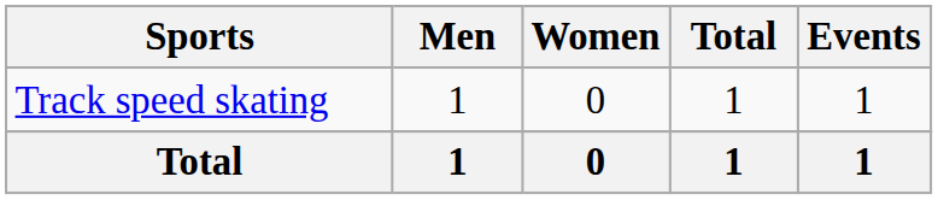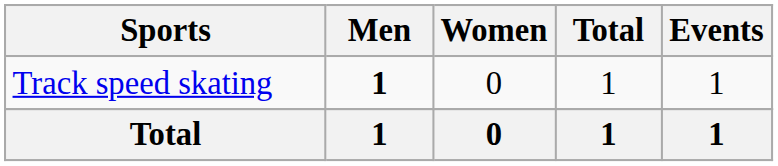 <table class="wikitable sortable" style="text-align:center;">
 <tr>
 <th width="150">Sports</th>
 <th width="45">Men</th>
 <th width="45">Women</th>
 <th width="45">Total</th>
 <th width="45">Events</th>
 </tr>
 <tr>
 <td align="left"><a href='#'>Track speed skating</a></td>
-<td>1</td>
+<td><strong>1</strong></td>
 <td>0</td>
 <td>1</td>
 <td>1</td>
 </tr>
 <tr>
 </tr>
 <tr class="sortbottom">
 <th>Total</th>
 <th>1</th>
 <th>0</th>
 <th>1</th>
 <th>1</th>
 </tr>
 </table>
